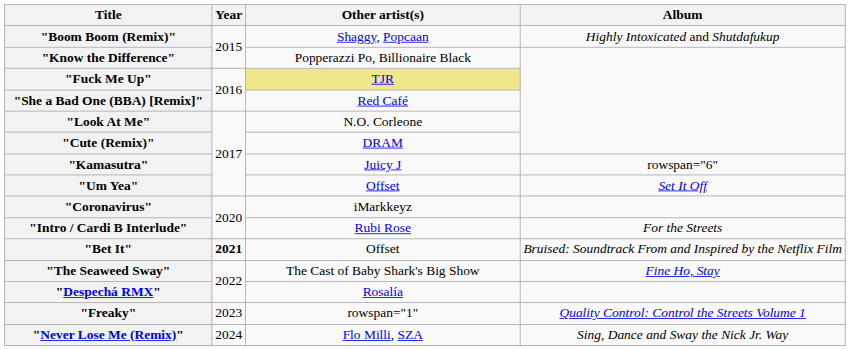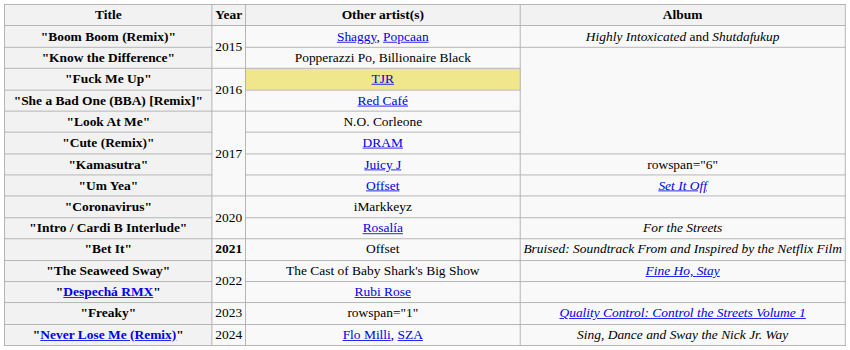 <table class="wikitable plainrowheaders" style="text-align:center;">
 <tr>
 <th scope="col" style="width:15em;">Title</th>
 <th scope="col">Year</th>
 <th scope="col" style="width:20em;">Other artist(s)</th>
 <th scope="col">Album</th>
 </tr>
 <tr>
 <th scope="row">"Boom Boom (Remix)"</th>
 <td rowspan="2">2015</td>
 <td><a href='#'>Shaggy</a>, <a href='#'>Popcaan</a></td>
 <td><em>Highly Intoxicated</em> and <em>Shutdafukup</em></td>
 </tr>
 <tr>
 <th scope="row">"Know the Difference"</th>
 <td>Popperazzi Po, Billionaire Black</td>
 </tr>
 <tr>
 <th scope="row">"Fuck Me Up"</th>
 <td rowspan="2">2016</td>
 <td style="background: khaki;"><a href='#'>TJR</a></td>
 </tr>
 <tr>
 <th scope="row">"She a Bad One (BBA) [Remix]"</th>
 <td><a href='#'>Red Café</a></td>
 </tr>
 <tr>
 <th scope="row">"Look At Me"</th>
 <td rowspan=4>2017</td>
 <td>N.O. Corleone</td>
 </tr>
 <tr>
 <th scope="row">"Cute (Remix)"</th>
 <td><a href='#'>DRAM</a></td>
 </tr>
 <tr>
 <th scope="row">"Kamasutra"</th>
 <td><a href='#'>Juicy J</a></td>
 <td>rowspan="6" </td>
 </tr>
 <tr>
 <th scope="row">"Um Yea"</th>
 <td><a href='#'>Offset</a></td>
 <td><em><a href='#'>Set It Off</a></em></td>
 </tr>
 <tr>
 <th scope="row">"Coronavirus"</th>
 <td rowspan="2">2020</td>
 <td>iMarkkeyz</td>
 <td></td>
 </tr>
 <tr>
 <th scope="row">"Intro / Cardi B Interlude"</th>
-<td><a href='#'>Rubi Rose</a></td>
+<td><a href='#'>Rosalía</a></td>
 <td><em>For the Streets</em></td>
 </tr>
 <tr>
 <th scope="row">"Bet It"</th>
 <td rowspan="1"><strong>2021</strong></td>
 <td>Offset</td>
 <td><em>Bruised: Soundtrack From and Inspired by the Netflix Film</em></td>
 </tr>
 <tr>
 <th scope="row">"The Seaweed Sway"</th>
 <td rowspan="2">2022</td>
 <td>The Cast of Baby Shark's Big Show</td>
 <td><em><a href='#'>Fine Ho, Stay</a></em></td>
 </tr>
 <tr>
 <th scope="row">"<a href='#'>Despechá RMX</a>"</th>
-<td><a href='#'>Rosalía</a></td>
+<td><a href='#'>Rubi Rose</a></td>
 <td></td>
 </tr>
 <tr>
 <th scope="row">"Freaky"</th>
 <td>2023</td>
 <td>rowspan="1" </td>
 <td><em><a href='#'>Quality Control: Control the Streets Volume 1</a></em></td>
 </tr>
 <tr>
 <th scope="row">"<a href='#'>Never Lose Me (Remix)</a>"</th>
 <td rowspan="1">2024</td>
 <td><a href='#'>Flo Milli</a>, <a href='#'>SZA</a></td>
 <td><em>Sing, Dance and Sway the Nick Jr. Way</em></td>
 </tr>
 </table>
